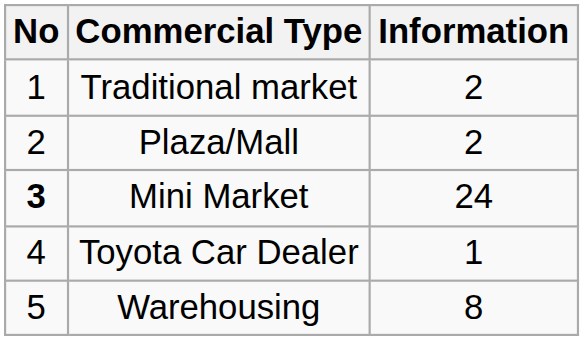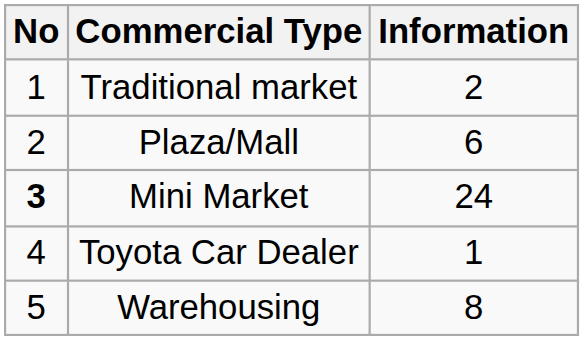 <table class="wikitable" style="text-align:center">
 <tr>
 <th>No</th>
 <th>Commercial Type</th>
 <th>Information</th>
 </tr>
 <tr>
 <td>1</td>
 <td>Traditional market</td>
 <td>2</td>
 </tr>
 <tr>
 <td>2</td>
 <td>Plaza/Mall</td>
-<td>2</td>
+<td>6</td>
 </tr>
 <tr>
 <td><strong>3</strong></td>
 <td>Mini Market</td>
 <td>24</td>
 </tr>
 <tr>
 <td>4</td>
 <td>Toyota Car Dealer</td>
 <td>1</td>
 </tr>
 <tr>
 <td>5</td>
 <td>Warehousing</td>
 <td>8</td>
 </tr>
 </table>
